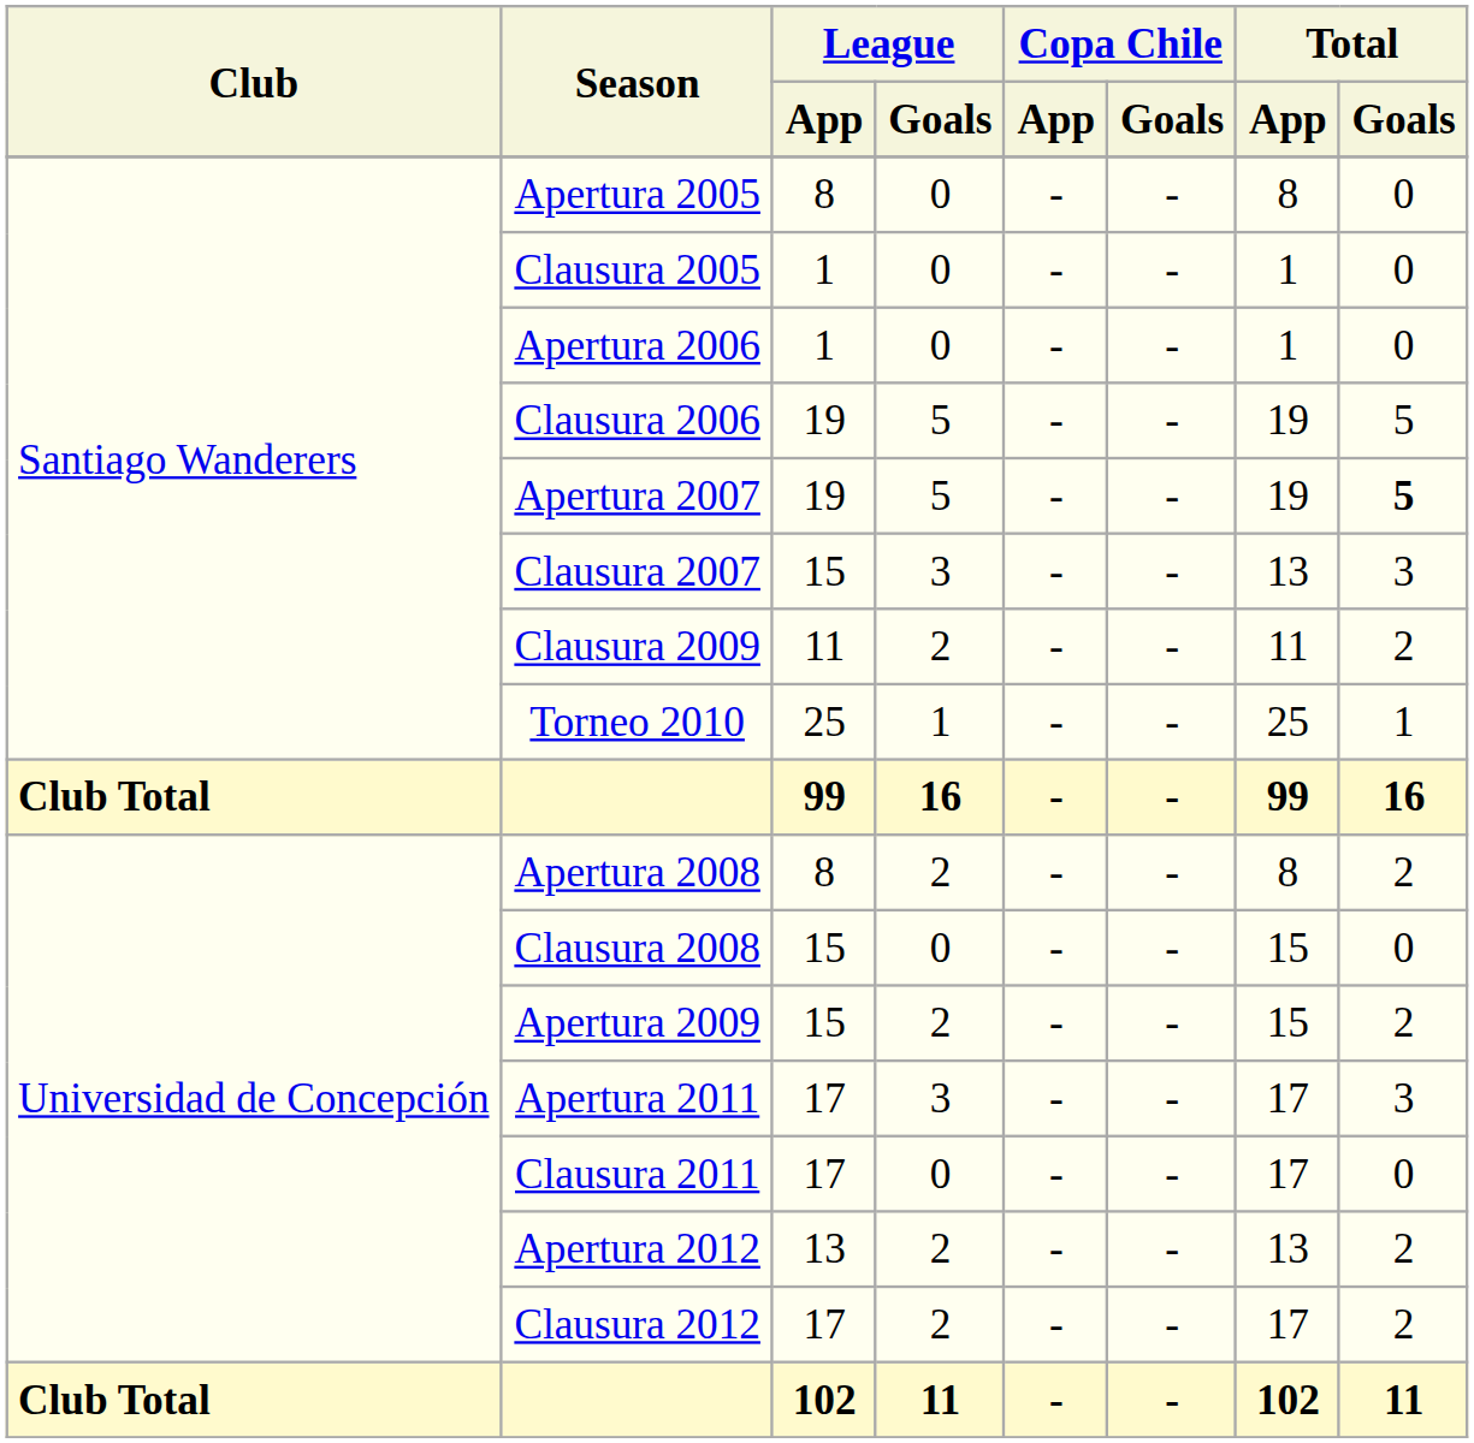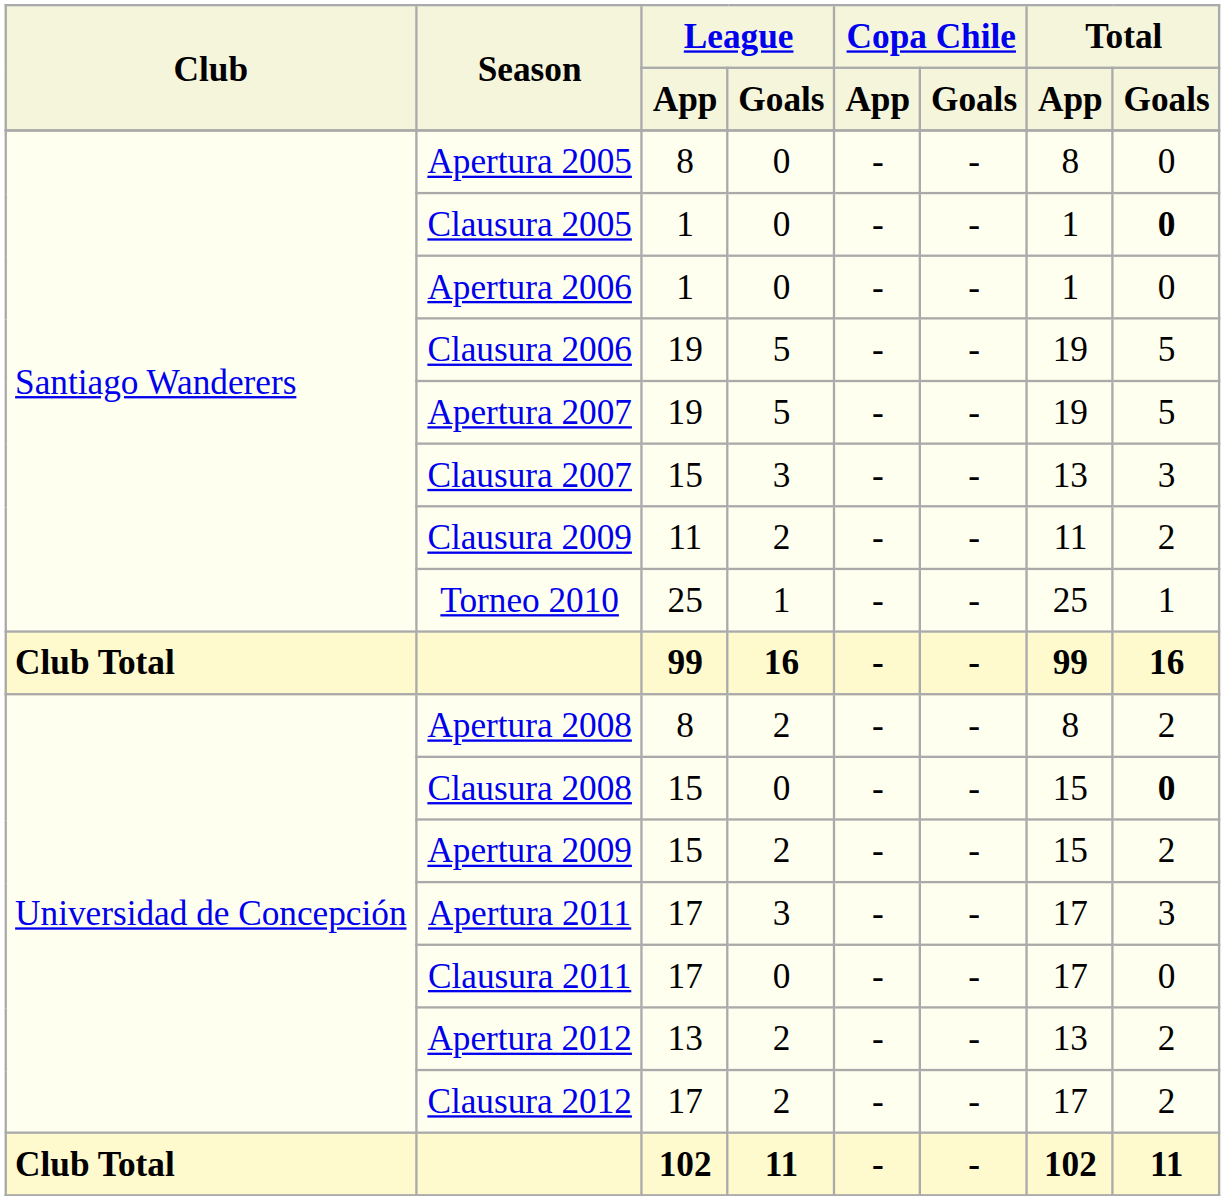 <table border=1 align=center cellpadding=4 cellspacing=2 style="background: ivory; font-size: 95%; border: 1px #aaaaaa solid; border-collapse: collapse; clear:center">
 <tr style="background:beige">
 <th rowspan="2">Club</th>
 <th rowspan="2">Season</th>
 <th colspan="2"><a href='#'>League</a></th>
 <th colspan="2"><a href='#'>Copa Chile</a></th>
 <th colspan="2">Total</th>
 </tr>
 <tr style="background:beige">
 <th>App</th>
 <th>Goals</th>
 <th>App</th>
 <th>Goals</th>
 <th>App</th>
 <th>Goals</th>
 </tr>
 <tr>
 </tr>
 <tr>
 <td rowspan="8"><a href='#'>Santiago Wanderers</a></td>
 <td align="center"><a href='#'>Apertura 2005</a></td>
 <td align="center">8</td>
 <td align="center">0</td>
 <td align="center">-</td>
 <td align="center">-</td>
 <td align="center">8</td>
 <td align="center">0</td>
 </tr>
 <tr>
 <td align="center"><a href='#'>Clausura 2005</a></td>
 <td align="center">1</td>
 <td align="center">0</td>
 <td align="center">-</td>
 <td align="center">-</td>
 <td align="center">1</td>
-<td align="center">0</td>
+<td align="center"><strong>0</strong></td>
 </tr>
 <tr>
 <td align="center"><a href='#'>Apertura 2006</a></td>
 <td align="center">1</td>
 <td align="center">0</td>
 <td align="center">-</td>
 <td align="center">-</td>
 <td align="center">1</td>
 <td align="center">0</td>
 </tr>
 <tr>
 <td align="center"><a href='#'>Clausura 2006</a></td>
 <td align="center">19</td>
 <td align="center">5</td>
 <td align="center">-</td>
 <td align="center">-</td>
 <td align="center">19</td>
 <td align="center">5</td>
 </tr>
 <tr>
 <td align="center"><a href='#'>Apertura 2007</a></td>
 <td align="center">19</td>
 <td align="center">5</td>
 <td align="center">-</td>
 <td align="center">-</td>
 <td align="center">19</td>
-<td align="center"><strong>5</strong></td>
+<td align="center">5</td>
 </tr>
 <tr>
 <td align="center"><a href='#'>Clausura 2007</a></td>
 <td align="center">15</td>
 <td align="center">3</td>
 <td align="center">-</td>
 <td align="center">-</td>
 <td align="center">13</td>
 <td align="center">3</td>
 </tr>
 <tr>
 <td align="center"><a href='#'>Clausura 2009</a></td>
 <td align="center">11</td>
 <td align="center">2</td>
 <td align="center">-</td>
 <td align="center">-</td>
 <td align="center">11</td>
 <td align="center">2</td>
 </tr>
 <tr>
 <td align="center"><a href='#'>Torneo 2010</a></td>
 <td align="center">25</td>
 <td align="center">1</td>
 <td align="center">-</td>
 <td align="center">-</td>
 <td align="center">25</td>
 <td align="center">1</td>
 </tr>
 <tr style="background:lemonchiffon">
 <th colspan="1" align="left">Club Total</th>
 <th></th>
 <th>99</th>
 <th>16</th>
 <th>-</th>
 <th>-</th>
 <th>99</th>
 <th>16</th>
 </tr>
 <tr>
 <td rowspan="7"><a href='#'>Universidad de Concepción</a></td>
 <td align="center"><a href='#'>Apertura 2008</a></td>
 <td align="center">8</td>
 <td align="center">2</td>
 <td align="center">-</td>
 <td align="center">-</td>
 <td align="center">8</td>
 <td align="center">2</td>
 </tr>
 <tr>
 <td align="center"><a href='#'>Clausura 2008</a></td>
 <td align="center">15</td>
 <td align="center">0</td>
 <td align="center">-</td>
 <td align="center">-</td>
 <td align="center">15</td>
-<td align="center">0</td>
+<td align="center"><strong>0</strong></td>
 </tr>
 <tr>
 <td align="center"><a href='#'>Apertura 2009</a></td>
 <td align="center">15</td>
 <td align="center">2</td>
 <td align="center">-</td>
 <td align="center">-</td>
 <td align="center">15</td>
 <td align="center">2</td>
 </tr>
 <tr>
 <td align="center"><a href='#'>Apertura 2011</a></td>
 <td align="center">17</td>
 <td align="center">3</td>
 <td align="center">-</td>
 <td align="center">-</td>
 <td align="center">17</td>
 <td align="center">3</td>
 </tr>
 <tr>
 <td align="center"><a href='#'>Clausura 2011</a></td>
 <td align="center">17</td>
 <td align="center">0</td>
 <td align="center">-</td>
 <td align="center">-</td>
 <td align="center">17</td>
 <td align="center">0</td>
 </tr>
 <tr>
 <td align="center"><a href='#'>Apertura 2012</a></td>
 <td align="center">13</td>
 <td align="center">2</td>
 <td align="center">-</td>
 <td align="center">-</td>
 <td align="center">13</td>
 <td align="center">2</td>
 </tr>
 <tr>
 <td align="center"><a href='#'>Clausura 2012</a></td>
 <td align="center">17</td>
 <td align="center">2</td>
 <td align="center">-</td>
 <td align="center">-</td>
 <td align="center">17</td>
 <td align="center">2</td>
 </tr>
 <tr style="background:lemonchiffon">
 <th colspan="1" align="left">Club Total</th>
 <th></th>
 <th>102</th>
 <th>11</th>
 <th>-</th>
 <th>-</th>
 <th>102</th>
 <th>11</th>
 </tr>
 </table>
